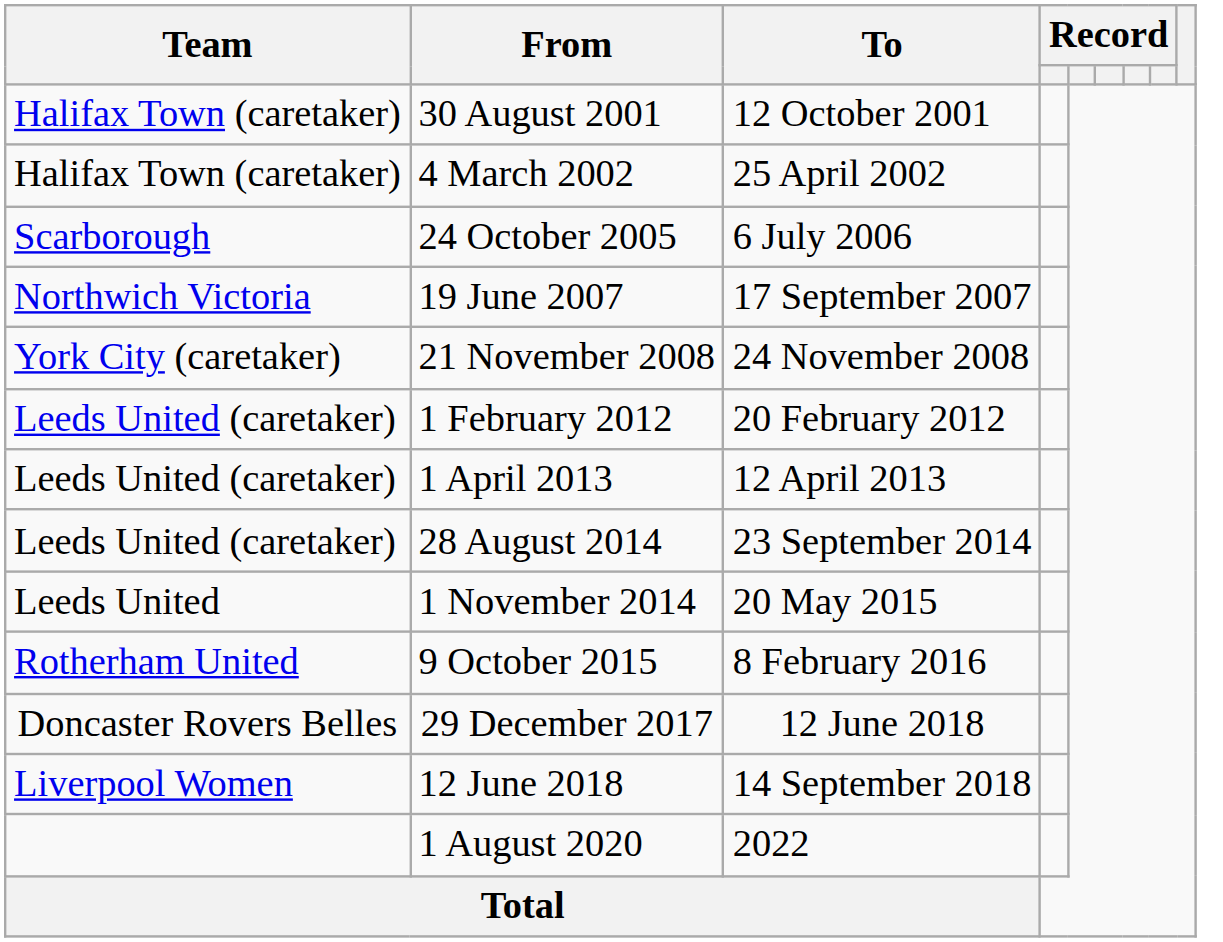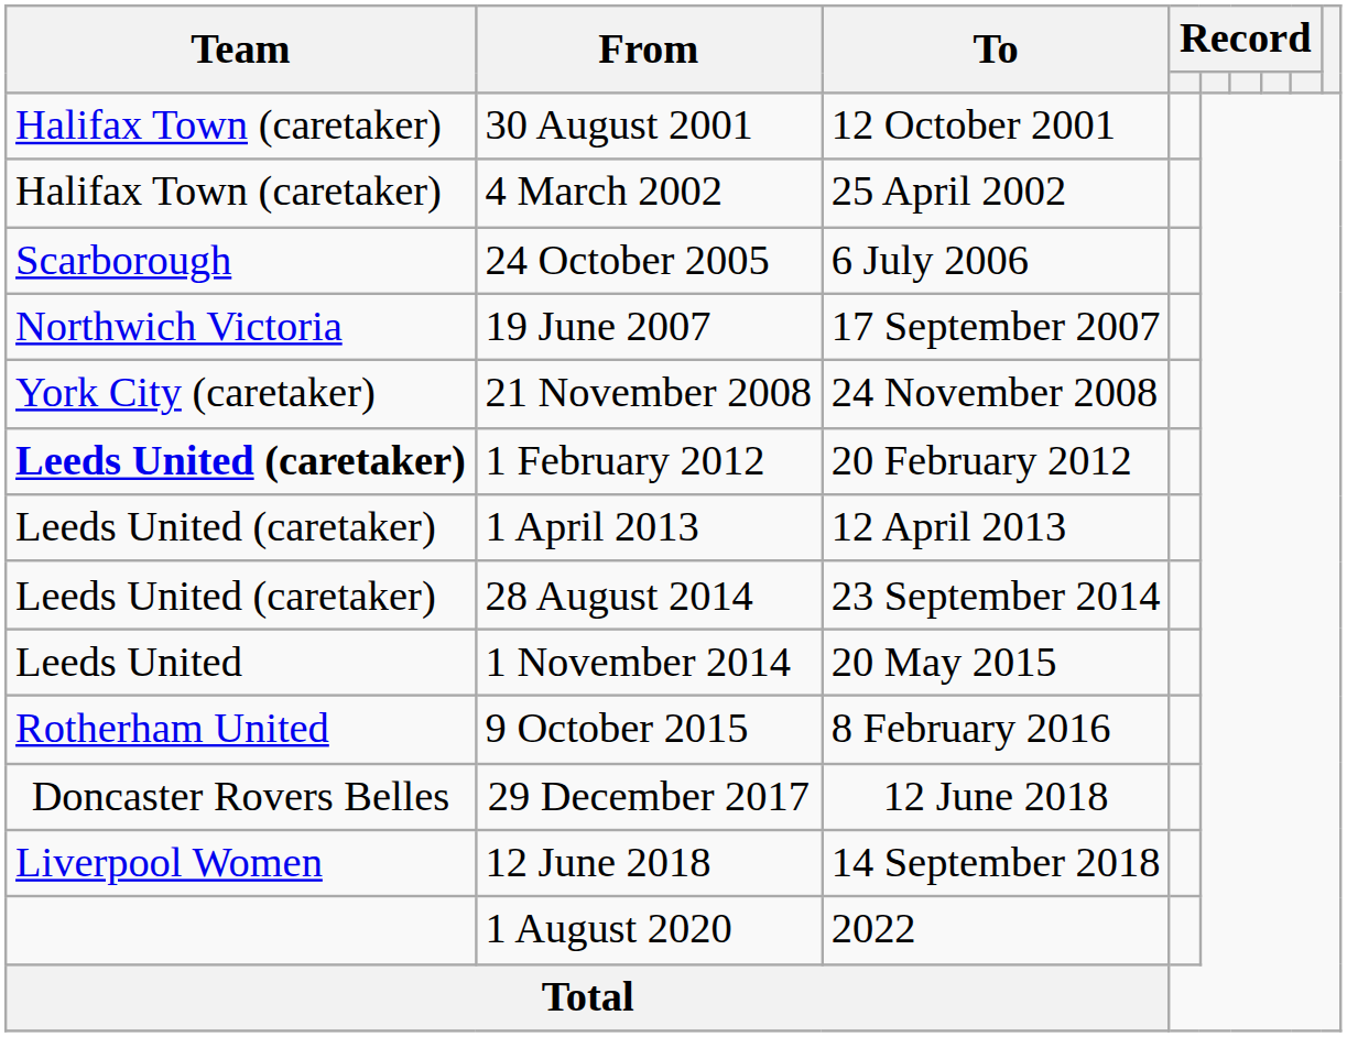 <table class="wikitable" style="text-align: center">
 <tr>
 <th rowspan=2>Team</th>
 <th rowspan=2>From</th>
 <th rowspan=2>To</th>
 <th colspan=5>Record</th>
 <th rowspan=2></th>
 </tr>
 <tr>
 <th></th>
 <th></th>
 <th></th>
 <th></th>
 <th></th>
 </tr>
 <tr>
 <td align=left><a href='#'>Halifax Town</a> (caretaker)</td>
 <td align=left>30 August 2001</td>
 <td align=left>12 October 2001<br></td>
 <td></td>
 </tr>
 <tr>
 <td align=left>Halifax Town (caretaker)</td>
 <td align=left>4 March 2002</td>
 <td align=left>25 April 2002<br></td>
 <td></td>
 </tr>
 <tr>
 <td align=left><a href='#'>Scarborough</a></td>
 <td align=left>24 October 2005</td>
 <td align=left>6 July 2006<br></td>
 <td></td>
 </tr>
 <tr>
 <td align=left><a href='#'>Northwich Victoria</a></td>
 <td align=left>19 June 2007</td>
 <td align=left>17 September 2007<br></td>
 <td></td>
 </tr>
 <tr>
 <td align=left><a href='#'>York City</a> (caretaker)</td>
 <td align=left>21 November 2008</td>
 <td align=left>24 November 2008<br></td>
 <td></td>
 </tr>
 <tr>
-<td align=left><a href='#'>Leeds United</a> (caretaker)</td>
+<td align=left><strong><a href='#'>Leeds United</a> (caretaker)</strong></td>
 <td align=left>1 February 2012</td>
 <td align=left>20 February 2012<br></td>
 <td></td>
 </tr>
 <tr>
 <td align=left>Leeds United (caretaker)</td>
 <td align=left>1 April 2013</td>
 <td align=left>12 April 2013<br></td>
 <td></td>
 </tr>
 <tr>
 <td align=left>Leeds United (caretaker)</td>
 <td align=left>28 August 2014</td>
 <td align=left>23 September 2014<br></td>
 <td></td>
 </tr>
 <tr>
 <td align=left>Leeds United</td>
 <td align=left>1 November 2014</td>
 <td align=left>20 May 2015<br></td>
 <td></td>
 </tr>
 <tr>
 <td align=left><a href='#'>Rotherham United</a></td>
 <td align=left>9 October 2015</td>
 <td align=left>8 February 2016<br></td>
 <td></td>
 </tr>
 <tr>
 <td>Doncaster Rovers Belles</td>
 <td>29 December 2017</td>
 <td>12 June 2018<br></td>
 <td></td>
 </tr>
 <tr>
 <td align=left><a href='#'>Liverpool Women</a></td>
 <td align=left>12 June 2018</td>
 <td align=left>14 September 2018<br></td>
 <td></td>
 </tr>
 <tr>
 <td align=left></td>
 <td align=left>1 August 2020</td>
 <td align=left>2022<br></td>
 <td></td>
 </tr>
 <tr>
 <th colspan=3>Total<br></th>
 </tr>
 </table>
